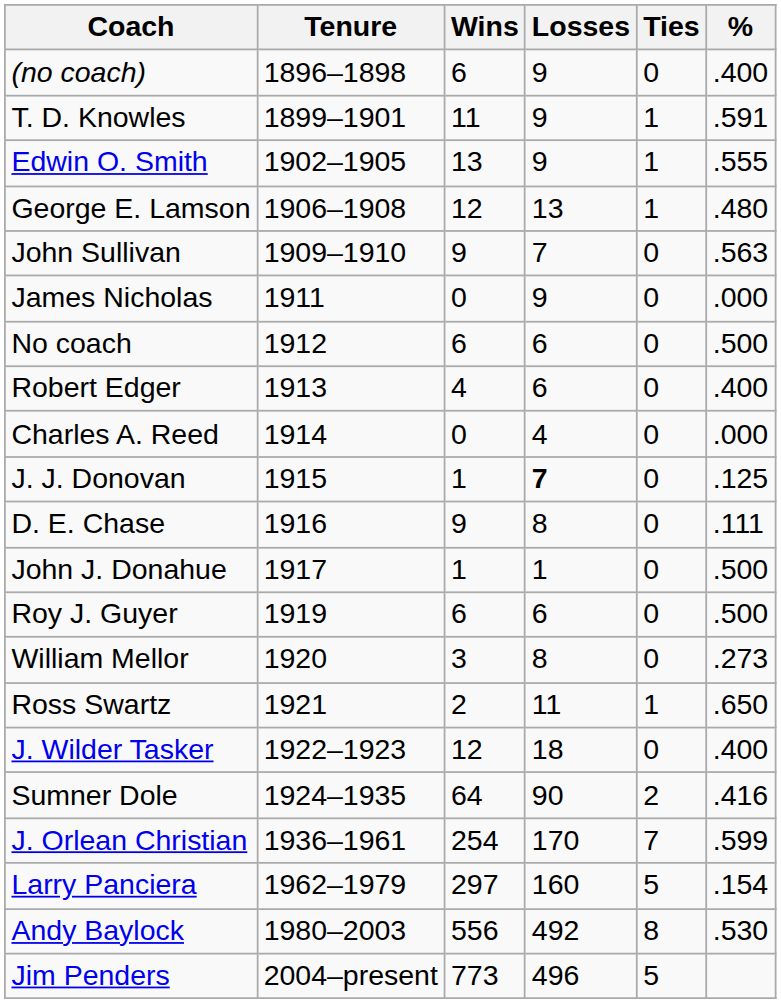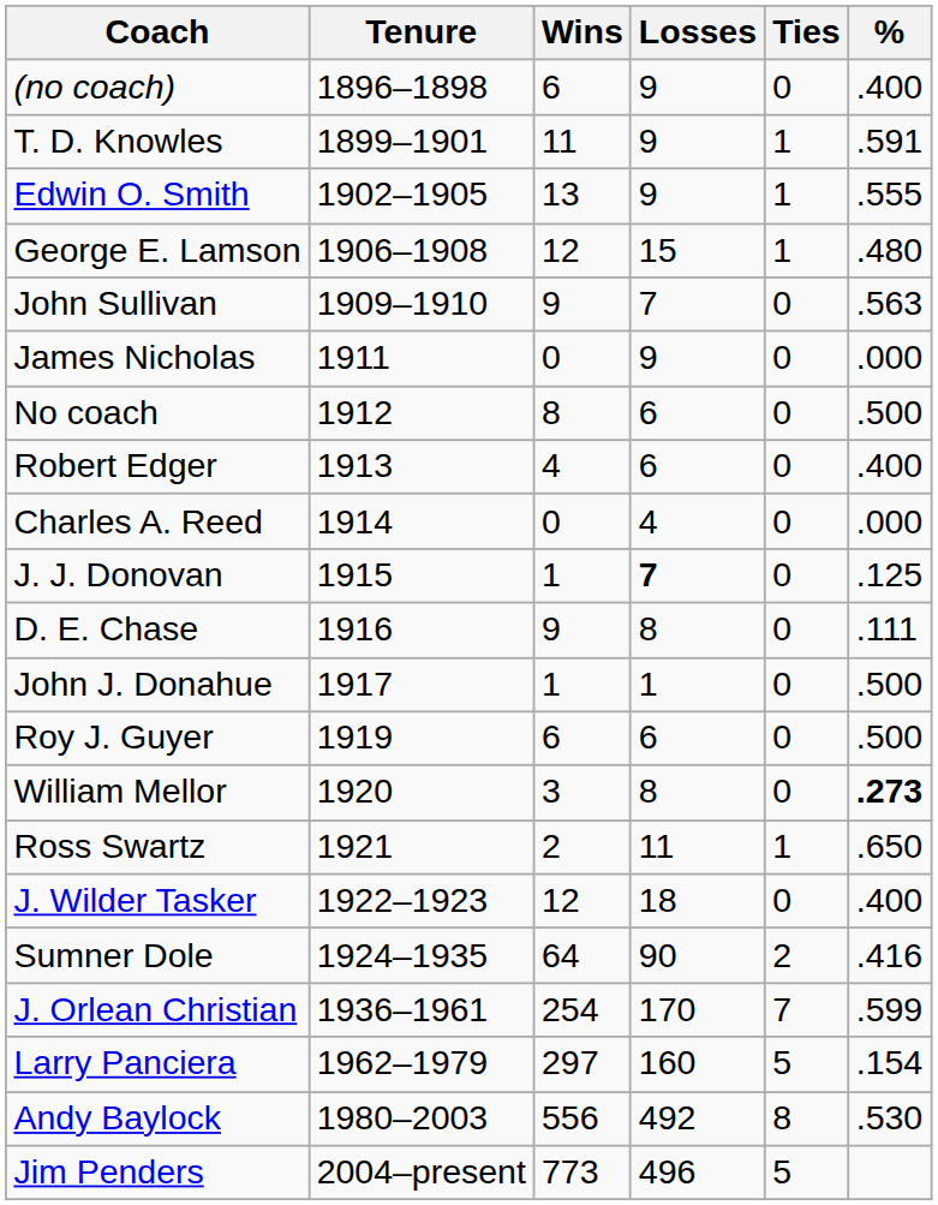 <table class=wikitable>
 <tr>
 <th width=px>Coach</th>
 <th width=px>Tenure</th>
 <th width=px>Wins</th>
 <th width=px>Losses</th>
 <th width=px>Ties</th>
 <th width=px>%</th>
 </tr>
 <tr>
 <td><em>(no coach)</em></td>
 <td>1896–1898</td>
 <td>6</td>
 <td>9</td>
 <td>0</td>
 <td>.400</td>
 </tr>
 <tr>
 <td>T. D. Knowles</td>
 <td>1899–1901</td>
 <td>11</td>
 <td>9</td>
 <td>1</td>
 <td>.591</td>
 </tr>
 <tr>
 <td><a href='#'>Edwin O. Smith</a></td>
 <td>1902–1905</td>
 <td>13</td>
 <td>9</td>
 <td>1</td>
 <td>.555</td>
 </tr>
 <tr>
 <td>George E. Lamson</td>
 <td>1906–1908</td>
 <td>12</td>
-<td>13</td>
+<td>15</td>
 <td>1</td>
 <td>.480</td>
 </tr>
 <tr>
 <td>John Sullivan</td>
 <td>1909–1910</td>
 <td>9</td>
 <td>7</td>
 <td>0</td>
 <td>.563</td>
 </tr>
 <tr>
 <td>James Nicholas</td>
 <td>1911</td>
 <td>0</td>
 <td>9</td>
 <td>0</td>
 <td>.000</td>
 </tr>
 <tr>
 <td>No coach</td>
 <td>1912</td>
-<td>6</td>
+<td>8</td>
 <td>6</td>
 <td>0</td>
 <td>.500</td>
 </tr>
 <tr>
 <td>Robert Edger</td>
 <td>1913</td>
 <td>4</td>
 <td>6</td>
 <td>0</td>
 <td>.400</td>
 </tr>
 <tr>
 <td>Charles A. Reed</td>
 <td>1914</td>
 <td>0</td>
 <td>4</td>
 <td>0</td>
 <td>.000</td>
 </tr>
 <tr>
 <td>J. J. Donovan</td>
 <td>1915</td>
 <td>1</td>
 <td><strong>7</strong></td>
 <td>0</td>
 <td>.125</td>
 </tr>
 <tr>
 <td>D. E. Chase</td>
 <td>1916</td>
 <td>9</td>
 <td>8</td>
 <td>0</td>
 <td>.111</td>
 </tr>
 <tr>
 <td>John J. Donahue</td>
 <td>1917</td>
 <td>1</td>
 <td>1</td>
 <td>0</td>
 <td>.500</td>
 </tr>
 <tr>
 <td>Roy J. Guyer</td>
 <td>1919</td>
 <td>6</td>
 <td>6</td>
 <td>0</td>
 <td>.500</td>
 </tr>
 <tr>
 <td>William Mellor</td>
 <td>1920</td>
 <td>3</td>
 <td>8</td>
 <td>0</td>
-<td>.273</td>
+<td><strong>.273</strong></td>
 </tr>
 <tr>
 <td>Ross Swartz</td>
 <td>1921</td>
 <td>2</td>
 <td>11</td>
 <td>1</td>
 <td>.650</td>
 </tr>
 <tr>
 <td><a href='#'>J. Wilder Tasker</a></td>
 <td>1922–1923</td>
 <td>12</td>
 <td>18</td>
 <td>0</td>
 <td>.400</td>
 </tr>
 <tr>
 <td>Sumner Dole</td>
 <td>1924–1935</td>
 <td>64</td>
 <td>90</td>
 <td>2</td>
 <td>.416</td>
 </tr>
 <tr>
 <td><a href='#'>J. Orlean Christian</a></td>
 <td>1936–1961</td>
 <td>254</td>
 <td>170</td>
 <td>7</td>
 <td>.599</td>
 </tr>
 <tr>
 <td><a href='#'>Larry Panciera</a></td>
 <td>1962–1979</td>
 <td>297</td>
 <td>160</td>
 <td>5</td>
 <td>.154</td>
 </tr>
 <tr>
 <td><a href='#'>Andy Baylock</a></td>
 <td>1980–2003</td>
 <td>556</td>
 <td>492</td>
 <td>8</td>
 <td>.530</td>
 </tr>
 <tr>
 <td><a href='#'>Jim Penders</a></td>
 <td>2004–present</td>
 <td>773</td>
 <td>496</td>
 <td>5</td>
 <td></td>
 </tr>
 </table>
